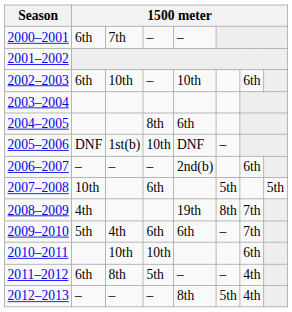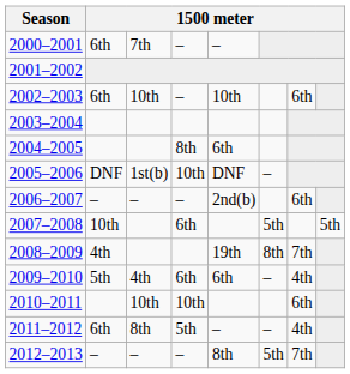 <table class="wikitable" style="display: inline-table;">
 <tr>
 <th>Season</th>
 <th colspan="7">1500 meter</th>
 </tr>
 <tr>
 <td><a href='#'>2000–2001</a></td>
 <td>6th</td>
 <td>7th</td>
 <td>–</td>
 <td>–</td>
 <td colspan="3" bgcolor=#EEEEEE></td>
 </tr>
 <tr>
 <td><a href='#'>2001–2002</a></td>
 <td colspan="7" bgcolor=#EEEEEE></td>
 </tr>
 <tr>
 <td><a href='#'>2002–2003</a></td>
 <td>6th</td>
 <td>10th</td>
 <td>–</td>
 <td>10th</td>
 <td></td>
 <td>6th</td>
 <td colspan="1" bgcolor=#EEEEEE></td>
 </tr>
 <tr>
 <td><a href='#'>2003–2004</a></td>
 <td></td>
 <td></td>
 <td></td>
 <td></td>
 <td></td>
 <td colspan="2" bgcolor=#EEEEEE></td>
 </tr>
 <tr>
 <td><a href='#'>2004–2005</a></td>
 <td></td>
 <td></td>
 <td>8th</td>
 <td>6th</td>
 <td></td>
 <td colspan="2" bgcolor=#EEEEEE></td>
 </tr>
 <tr>
 <td><a href='#'>2005–2006</a></td>
 <td>DNF</td>
 <td>1st(b)</td>
 <td>10th</td>
 <td>DNF</td>
 <td>–</td>
 <td colspan="2" bgcolor=#EEEEEE></td>
 </tr>
 <tr>
 <td><a href='#'>2006–2007</a></td>
 <td>–</td>
 <td>–</td>
 <td>–</td>
 <td>2nd(b)</td>
 <td></td>
 <td>6th</td>
 <td colspan="1" bgcolor=#EEEEEE></td>
 </tr>
 <tr>
 <td><a href='#'>2007–2008</a></td>
 <td>10th</td>
 <td></td>
 <td>6th</td>
 <td></td>
 <td>5th</td>
 <td></td>
 <td>5th</td>
 </tr>
 <tr>
 <td><a href='#'>2008–2009</a></td>
 <td>4th</td>
 <td></td>
 <td></td>
 <td>19th</td>
 <td>8th</td>
 <td>7th</td>
 <td colspan="1" bgcolor=#EEEEEE></td>
 </tr>
 <tr>
 <td><a href='#'>2009–2010</a></td>
 <td>5th</td>
 <td>4th</td>
 <td>6th</td>
 <td>6th</td>
 <td>–</td>
-<td>7th</td>
+<td>4th</td>
 <td colspan="1" bgcolor=#EEEEEE></td>
 </tr>
 <tr>
 <td><a href='#'>2010–2011</a></td>
 <td></td>
 <td>10th</td>
 <td>10th</td>
 <td></td>
 <td></td>
 <td>6th</td>
 <td colspan="1" bgcolor=#EEEEEE></td>
 </tr>
 <tr>
 <td><a href='#'>2011–2012</a></td>
 <td>6th</td>
 <td>8th</td>
 <td>5th</td>
 <td>–</td>
 <td>–</td>
 <td>4th</td>
 <td colspan="1" bgcolor=#EEEEEE></td>
 </tr>
 <tr>
 <td><a href='#'>2012–2013</a></td>
 <td>–</td>
 <td>–</td>
 <td>–</td>
 <td>8th</td>
 <td>5th</td>
-<td>4th</td>
+<td>7th</td>
 <td colspan="1" bgcolor=#EEEEEE></td>
 </tr>
 </table>
